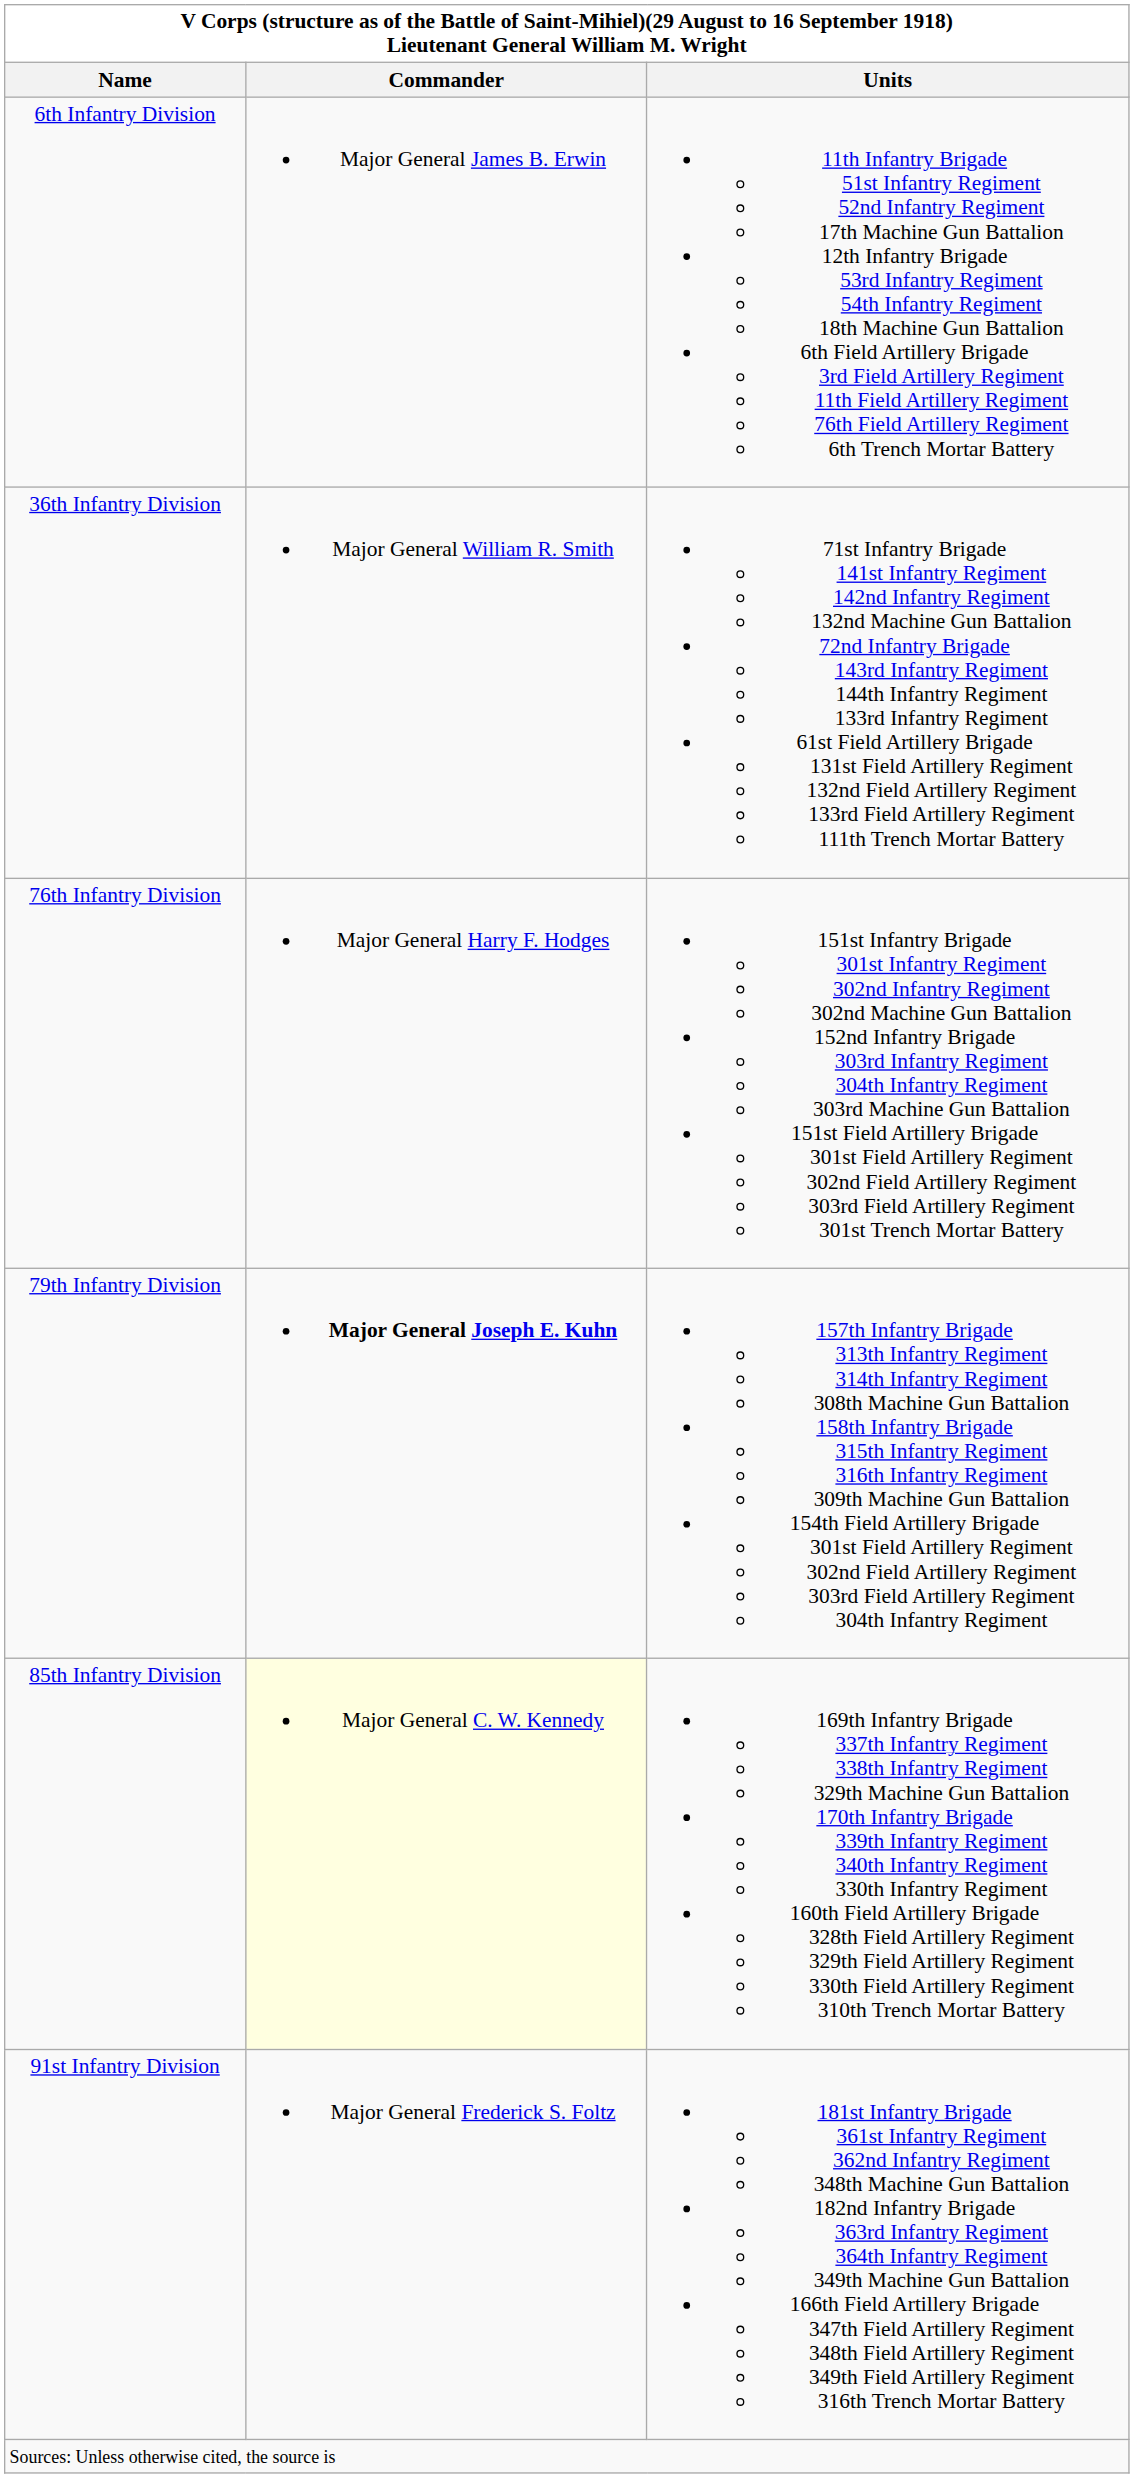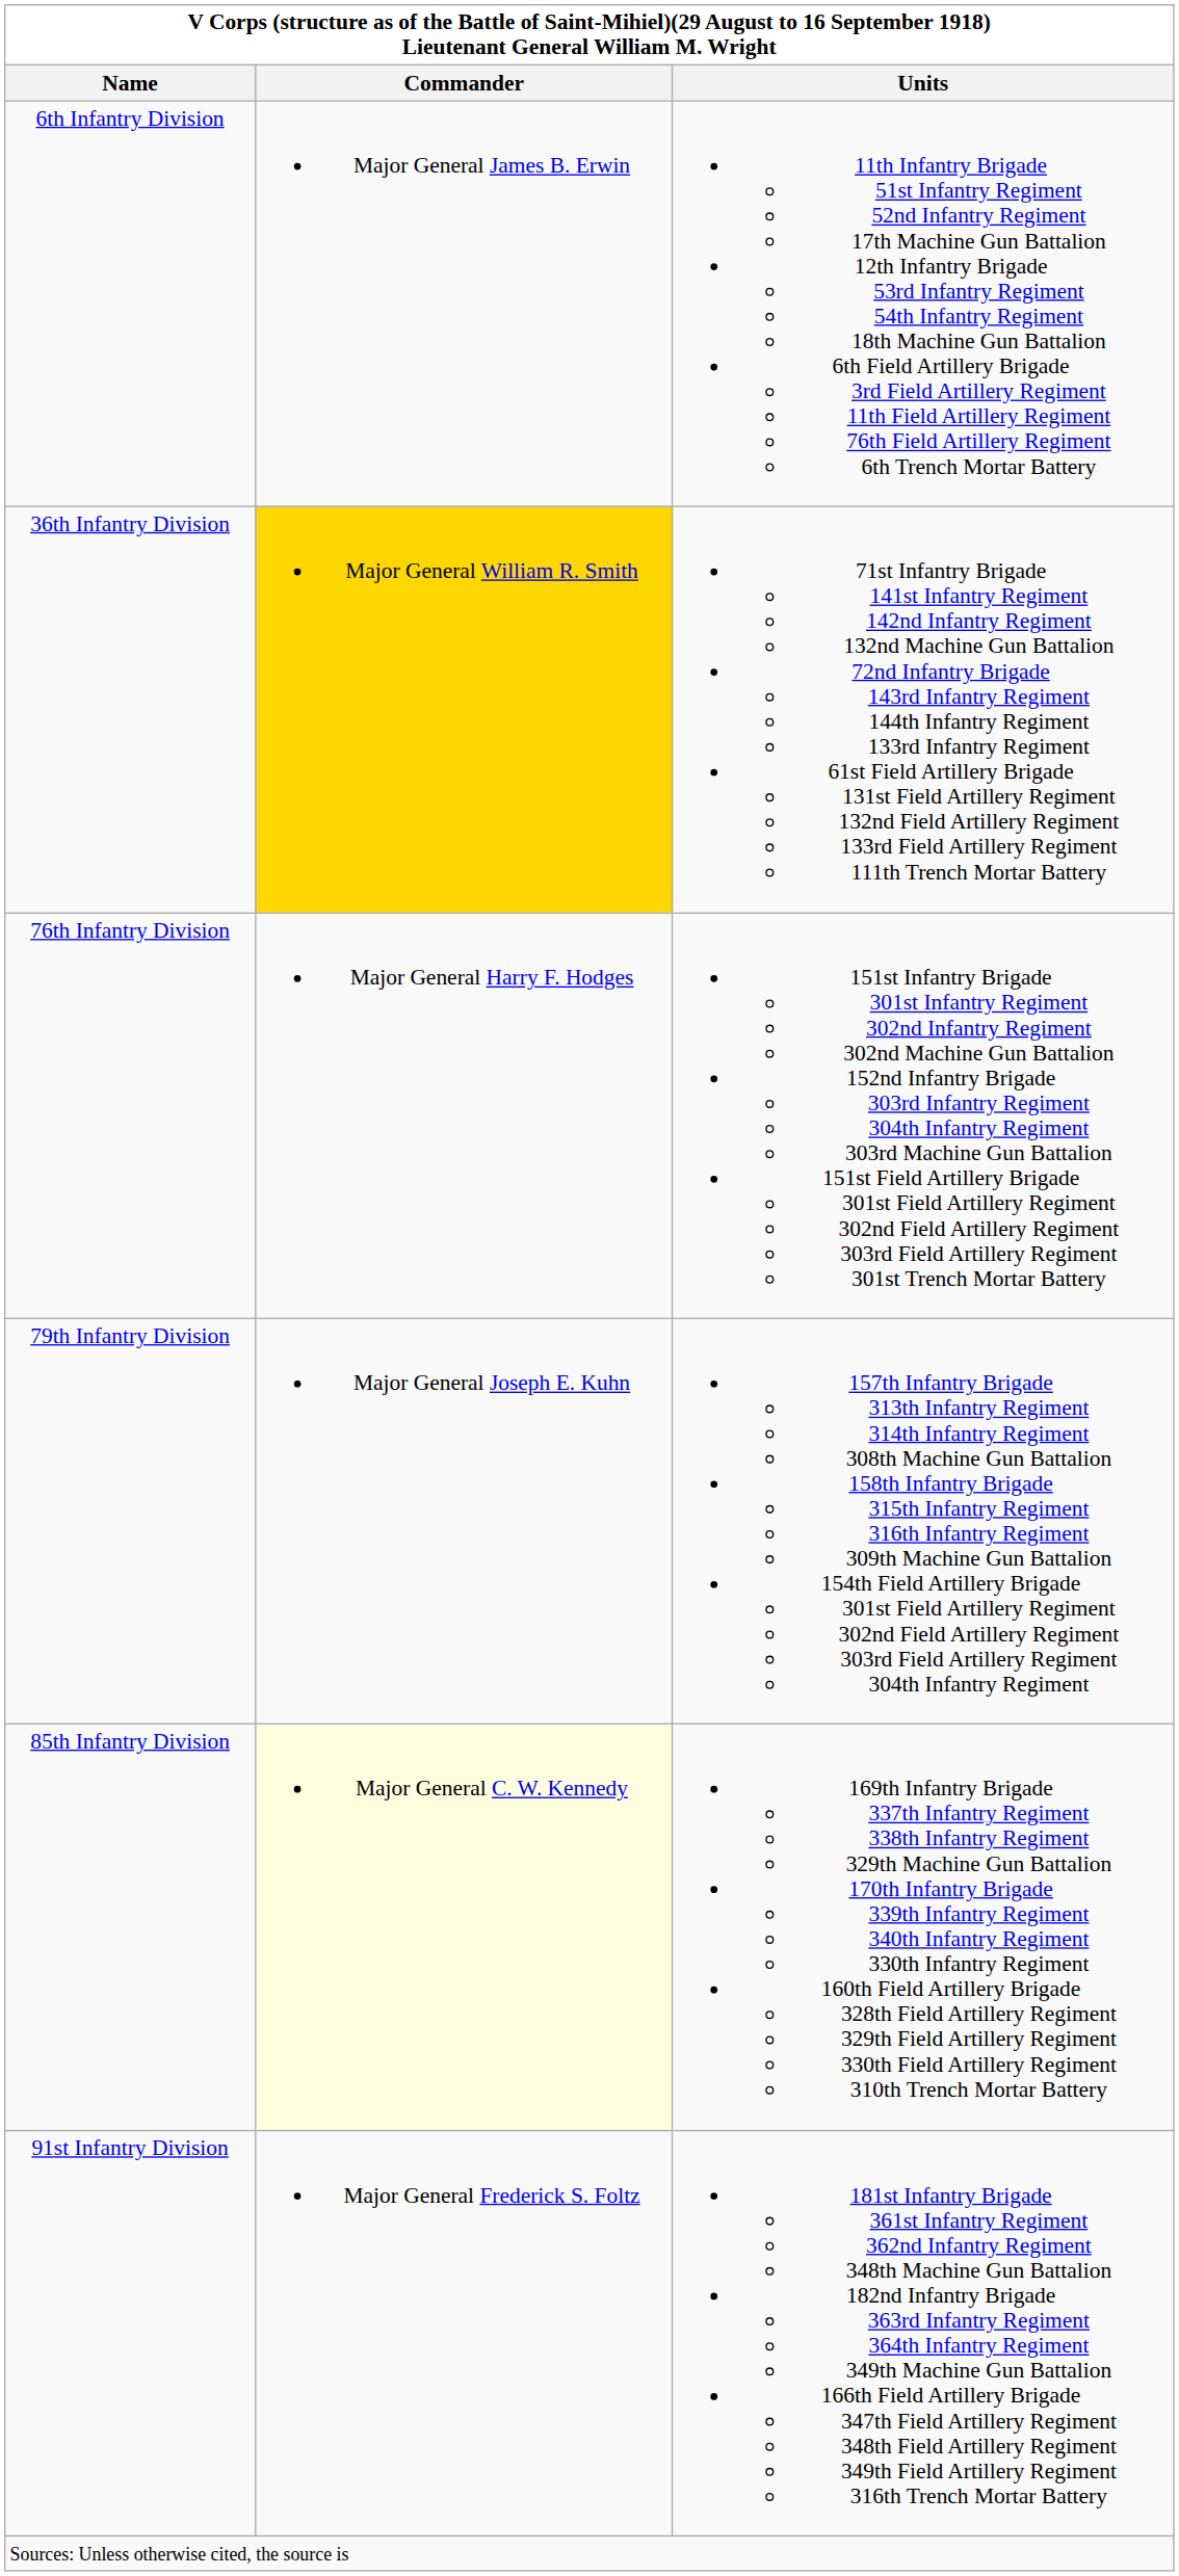 <table class="wikitable" style="width:95%;">
 <tr valign="top">
 <th colspan="11" style="background:white;">V Corps (structure as of the Battle of Saint-Mihiel)(29 August to 16 September 1918)<br>Lieutenant General William M. Wright</th>
 </tr>
 <tr valign="top"|- valign="top">
 <th style="width:15%; text-align:center;">Name</th>
 <th style="width:25%; text-align:center;">Commander</th>
 <th style="width:30%; text-align:center;">Units</th>
 </tr>
 <tr valign="top">
 <td align=center><a href='#'>6th Infantry Division</a></td>
 <td align=center><br><ul><li>Major General <a href='#'>James B. Erwin</a></li></ul></td>
 <td align=center><br><ul><li><a href='#'>11th Infantry Brigade</a><ul><li><a href='#'>51st Infantry Regiment</a></li><li><a href='#'>52nd Infantry Regiment</a></li><li>17th Machine Gun Battalion</li></ul></li><li>12th Infantry Brigade<ul><li><a href='#'>53rd Infantry Regiment</a></li><li><a href='#'>54th Infantry Regiment</a></li><li>18th Machine Gun Battalion</li></ul></li><li>6th Field Artillery Brigade<ul><li><a href='#'>3rd Field Artillery Regiment</a></li><li><a href='#'>11th Field Artillery Regiment</a></li><li><a href='#'>76th Field Artillery Regiment</a></li><li>6th Trench Mortar Battery</li></ul></li></ul></td>
 </tr>
 <tr valign="top">
 <td align=center><a href='#'>36th Infantry Division</a></td>
-<td align=center><br><ul><li>Major General <a href='#'>William R. Smith</a></li></ul></td>
+<td align=center style="background: gold;"><br><ul><li>Major General <a href='#'>William R. Smith</a></li></ul></td>
 <td align=center><br><ul><li>71st Infantry Brigade<ul><li><a href='#'>141st Infantry Regiment</a></li><li><a href='#'>142nd Infantry Regiment</a></li><li>132nd Machine Gun Battalion</li></ul></li><li><a href='#'>72nd Infantry Brigade</a><ul><li><a href='#'>143rd Infantry Regiment</a></li><li>144th Infantry Regiment</li><li>133rd Infantry Regiment</li></ul></li><li>61st Field Artillery Brigade<ul><li>131st Field Artillery Regiment</li><li>132nd Field Artillery Regiment</li><li>133rd Field Artillery Regiment</li><li>111th Trench Mortar Battery</li></ul></li></ul></td>
 </tr>
 <tr valign="top">
 <td align=center><a href='#'>76th Infantry Division</a></td>
 <td align=center><br><ul><li>Major General <a href='#'>Harry F. Hodges</a></li></ul></td>
 <td align=center><br><ul><li>151st Infantry Brigade<ul><li><a href='#'>301st Infantry Regiment</a></li><li><a href='#'>302nd Infantry Regiment</a></li><li>302nd Machine Gun Battalion</li></ul></li><li>152nd Infantry Brigade<ul><li><a href='#'>303rd Infantry Regiment</a></li><li><a href='#'>304th Infantry Regiment</a></li><li>303rd Machine Gun Battalion</li></ul></li><li>151st Field Artillery Brigade<ul><li>301st Field Artillery Regiment</li><li>302nd Field Artillery Regiment</li><li>303rd Field Artillery Regiment</li><li>301st Trench Mortar Battery</li></ul></li></ul></td>
 </tr>
 <tr valign="top">
 <td align=center><a href='#'>79th Infantry Division</a></td>
-<td align=center><strong><br><ul><li>Major General <a href='#'>Joseph E. Kuhn</a></li></ul></strong></td>
+<td align=center><br><ul><li>Major General <a href='#'>Joseph E. Kuhn</a></li></ul></td>
 <td align=center><br><ul><li><a href='#'>157th Infantry Brigade</a><ul><li><a href='#'>313th Infantry Regiment</a></li><li><a href='#'>314th Infantry Regiment</a></li><li>308th Machine Gun Battalion</li></ul></li><li><a href='#'>158th Infantry Brigade</a><ul><li><a href='#'>315th Infantry Regiment</a></li><li><a href='#'>316th Infantry Regiment</a></li><li>309th Machine Gun Battalion</li></ul></li><li>154th Field Artillery Brigade<ul><li>301st Field Artillery Regiment</li><li>302nd Field Artillery Regiment</li><li>303rd Field Artillery Regiment</li><li>304th Infantry Regiment</li></ul></li></ul></td>
 </tr>
 <tr valign="top">
 <td align=center><a href='#'>85th Infantry Division</a></td>
 <td align=center style="background: lightyellow;"><br><ul><li>Major General <a href='#'>C. W. Kennedy</a></li></ul></td>
 <td align=center><br><ul><li>169th Infantry Brigade<ul><li><a href='#'>337th Infantry Regiment</a></li><li><a href='#'>338th Infantry Regiment</a></li><li>329th Machine Gun Battalion</li></ul></li><li><a href='#'>170th Infantry Brigade</a><ul><li><a href='#'>339th Infantry Regiment</a></li><li><a href='#'>340th Infantry Regiment</a></li><li>330th Infantry Regiment</li></ul></li><li>160th Field Artillery Brigade<ul><li>328th Field Artillery Regiment</li><li>329th Field Artillery Regiment</li><li>330th Field Artillery Regiment</li><li>310th Trench Mortar Battery</li></ul></li></ul></td>
 </tr>
 <tr valign="top">
 <td align=center><a href='#'>91st Infantry Division</a></td>
 <td align=center><br><ul><li>Major General <a href='#'>Frederick S. Foltz</a></li></ul></td>
 <td align=center><br><ul><li><a href='#'>181st Infantry Brigade</a><ul><li><a href='#'>361st Infantry Regiment</a></li><li><a href='#'>362nd Infantry Regiment</a></li><li>348th Machine Gun Battalion</li></ul></li><li>182nd Infantry Brigade<ul><li><a href='#'>363rd Infantry Regiment</a></li><li><a href='#'>364th Infantry Regiment</a></li><li>349th Machine Gun Battalion</li></ul></li><li>166th Field Artillery Brigade<ul><li>347th Field Artillery Regiment</li><li>348th Field Artillery Regiment</li><li>349th Field Artillery Regiment</li><li>316th Trench Mortar Battery</li></ul></li></ul></td>
 </tr>
 <tr valign="top">
 <td colspan="9" style="text-align:left;"><small>Sources: Unless otherwise cited, the source is </small></td>
 </tr>
 </table>
